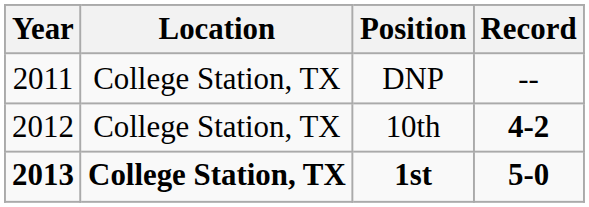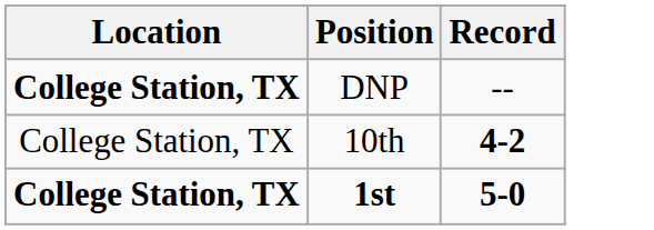 <table class="wikitable sortable">
 <tr>
-<th>Year</th>
 <th>Location</th>
 <th>Position</th>
 <th>Record</th>
 </tr>
 <tr>
-<td align=center>2011</td>
-<td align=center>College Station, TX</td>
+<td align=center><strong>College Station, TX</strong></td>
 <td align=center>DNP</td>
 <td align=center>--</td>
 </tr>
 <tr>
-<td align=center>2012</td>
 <td align=center>College Station, TX</td>
 <td align=center>10th</td>
 <td align=center><strong>4-2</strong></td>
 </tr>
 <tr>
-<td align=center><strong>2013</strong></td>
 <td align=center><strong>College Station, TX</strong></td>
 <td align=center><strong>1st</strong></td>
 <td align=center><strong>5-0</strong></td>
 </tr>
 </table>
